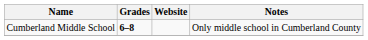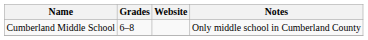 <table class="wikitable">
 <tr>
 <th>Name</th>
 <th>Grades</th>
 <th>Website</th>
 <th>Notes</th>
 </tr>
 <tr>
 <td>Cumberland Middle School</td>
-<td><strong>6–8</strong></td>
+<td>6–8</td>
 <td></td>
 <td>Only middle school in Cumberland County</td>
 </tr>
 <tr>
 </tr>
 </table>
